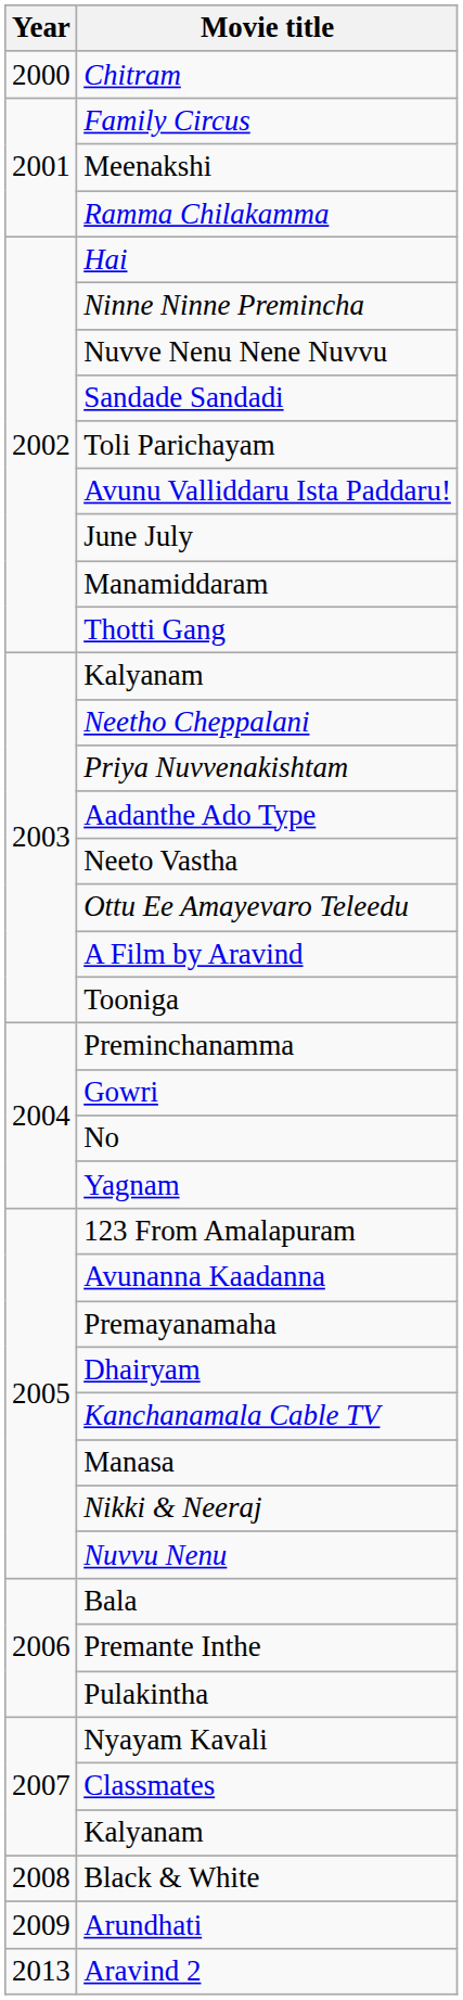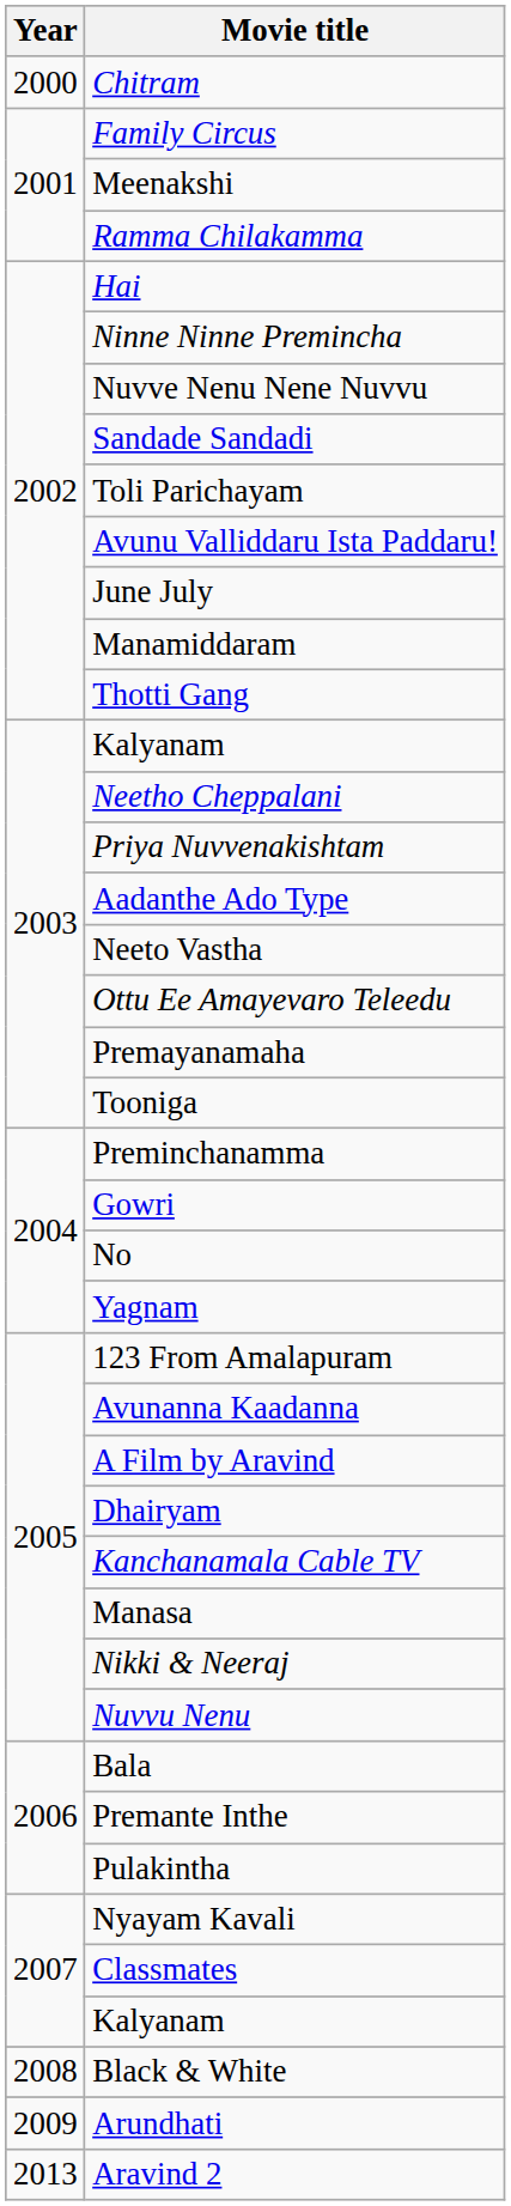 <table class="wikitable sortable">
 <tr>
 <th>Year</th>
 <th>Movie title</th>
 </tr>
 <tr>
 <td>2000</td>
 <td><em><a href='#'>Chitram</a></em></td>
 </tr>
 <tr>
 <td rowspan="3">2001</td>
 <td><em><a href='#'>Family Circus</a></em></td>
 </tr>
 <tr>
 <td>Meenakshi</td>
 </tr>
 <tr>
 <td><em><a href='#'>Ramma Chilakamma</a></em></td>
 </tr>
 <tr>
 <td rowspan="9">2002</td>
 <td><em><a href='#'>Hai</a></em></td>
 </tr>
 <tr>
 <td><em>Ninne Ninne Premincha</em></td>
 </tr>
 <tr>
 <td>Nuvve Nenu Nene Nuvvu</td>
 </tr>
 <tr>
 <td><a href='#'>Sandade Sandadi</a></td>
 </tr>
 <tr>
 <td>Toli Parichayam</td>
 </tr>
 <tr>
 <td><a href='#'>Avunu Valliddaru Ista Paddaru!</a></td>
 </tr>
 <tr>
 <td>June July</td>
 </tr>
 <tr>
 <td>Manamiddaram</td>
 </tr>
 <tr>
 <td><a href='#'>Thotti Gang</a></td>
 </tr>
 <tr>
 <td rowspan="8">2003</td>
 <td>Kalyanam</td>
 </tr>
 <tr>
 <td><em><a href='#'>Neetho Cheppalani</a></em></td>
 </tr>
 <tr>
 <td><em>Priya Nuvvenakishtam </em></td>
 </tr>
 <tr>
 <td><a href='#'>Aadanthe Ado Type</a></td>
 </tr>
 <tr>
 <td>Neeto Vastha</td>
 </tr>
 <tr>
 <td><em>Ottu Ee Amayevaro Teleedu </em></td>
 </tr>
 <tr>
-<td><a href='#'>A Film by Aravind</a></td>
+<td>Premayanamaha</td>
 </tr>
 <tr>
 <td>Tooniga</td>
 </tr>
 <tr>
 <td rowspan="4">2004</td>
 <td>Preminchanamma</td>
 </tr>
 <tr>
 <td><a href='#'>Gowri</a></td>
 </tr>
 <tr>
 <td>No</td>
 </tr>
 <tr>
 <td><a href='#'>Yagnam</a></td>
 </tr>
 <tr>
 <td rowspan="8">2005</td>
 <td>123 From Amalapuram</td>
 </tr>
 <tr>
 <td><a href='#'>Avunanna Kaadanna</a></td>
 </tr>
 <tr>
-<td>Premayanamaha</td>
+<td><a href='#'>A Film by Aravind</a></td>
 </tr>
 <tr>
 <td><a href='#'>Dhairyam</a></td>
 </tr>
 <tr>
 <td><em> <a href='#'>Kanchanamala Cable TV</a> </em></td>
 </tr>
 <tr>
 <td>Manasa</td>
 </tr>
 <tr>
 <td><em>Nikki & Neeraj  </em></td>
 </tr>
 <tr>
 <td><em><a href='#'>Nuvvu Nenu</a></em></td>
 </tr>
 <tr>
 <td rowspan="3">2006</td>
 <td>Bala</td>
 </tr>
 <tr>
 <td>Premante Inthe</td>
 </tr>
 <tr>
 <td>Pulakintha</td>
 </tr>
 <tr>
 <td rowspan="3">2007</td>
 <td>Nyayam Kavali</td>
 </tr>
 <tr>
 <td><a href='#'>Classmates</a></td>
 </tr>
 <tr>
 <td>Kalyanam</td>
 </tr>
 <tr>
 <td>2008</td>
 <td>Black & White</td>
 </tr>
 <tr>
 <td>2009</td>
 <td><a href='#'>Arundhati</a></td>
 </tr>
 <tr>
 <td>2013</td>
 <td><a href='#'>Aravind 2</a></td>
 </tr>
 </table>
